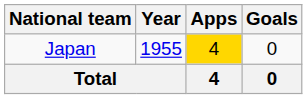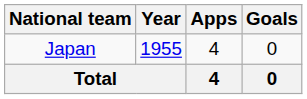 <table class="wikitable" style="text-align:center">
 <tr>
 <th>National team</th>
 <th>Year</th>
 <th>Apps</th>
 <th>Goals</th>
 </tr>
 <tr>
 <td><a href='#'>Japan</a></td>
 <td><a href='#'>1955</a></td>
-<td style="background: gold;">4</td>
+<td>4</td>
 <td>0</td>
 </tr>
 <tr>
 <th colspan="2">Total</th>
 <th>4</th>
 <th>0</th>
 </tr>
 </table>
